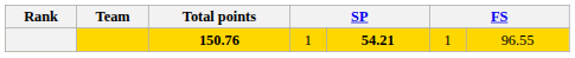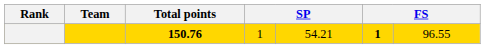 <table class="wikitable sortable" style="text-align:center;" width="70%">
 <tr>
 <th scope="col">Rank</th>
 <th scope="col">Team</th>
 <th scope="col">Total points</th>
 <th scope="col" colspan="2" width="80px"><a href='#'>SP</a></th>
 <th scope="col" colspan="2" width="80px"><a href='#'>FS</a></th>
 </tr>
 <tr bgcolor="gold">
 <th scope="row"></th>
 <td align="left"></td>
 <td><strong>150.76</strong></td>
 <td>1</td>
-<td><strong>54.21</strong></td>
-<td>1</td>
+<td>54.21</td>
+<td><strong>1</strong></td>
 <td>96.55</td>
 </tr>
 </table>
